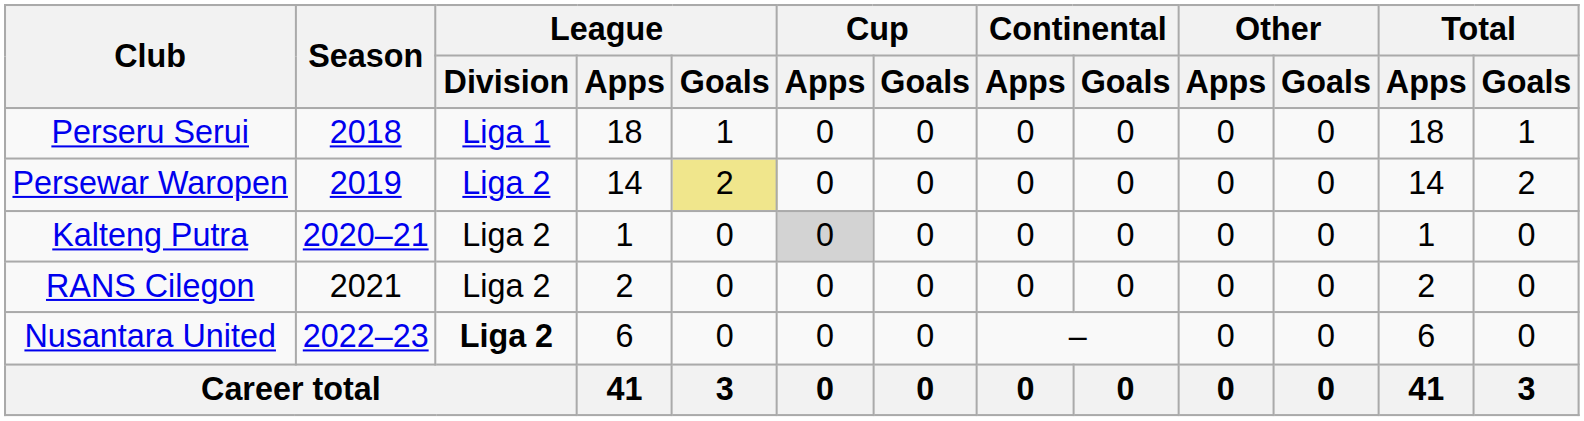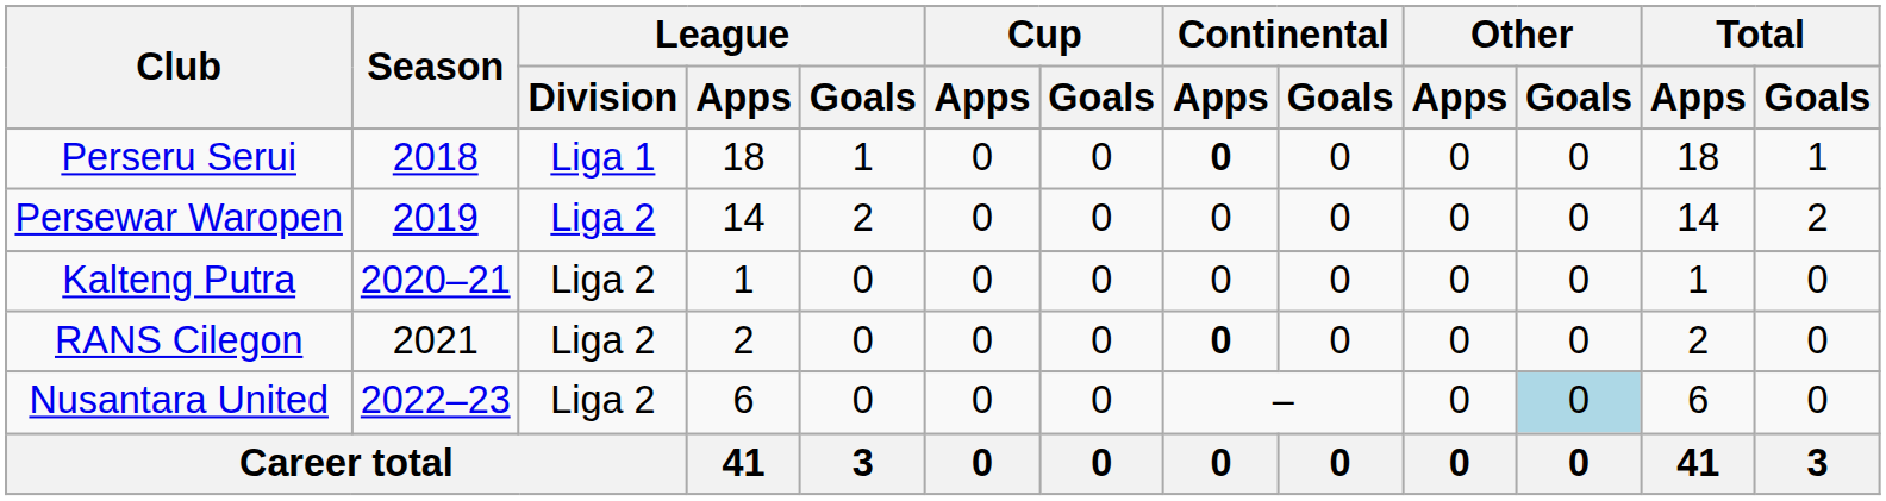 <table class="wikitable" style="text-align:center">
 <tr>
 <th rowspan="2">Club</th>
 <th rowspan="2">Season</th>
 <th colspan="3">League</th>
 <th colspan="2">Cup</th>
 <th colspan="2">Continental</th>
 <th colspan="2">Other</th>
 <th colspan="2">Total</th>
 </tr>
 <tr>
 <th>Division</th>
 <th>Apps</th>
 <th>Goals</th>
 <th>Apps</th>
 <th>Goals</th>
 <th>Apps</th>
 <th>Goals</th>
 <th>Apps</th>
 <th>Goals</th>
 <th>Apps</th>
 <th>Goals</th>
 </tr>
 <tr>
 <td rowspan="1" valign="center"><a href='#'>Perseru Serui</a></td>
 <td><a href='#'>2018</a></td>
 <td><a href='#'>Liga 1</a></td>
 <td>18</td>
 <td>1</td>
 <td>0</td>
 <td>0</td>
-<td>0</td>
+<td><strong>0</strong></td>
 <td>0</td>
 <td>0</td>
 <td>0</td>
 <td>18</td>
 <td>1</td>
 </tr>
 <tr>
 <td rowspan="1" valign="center"><a href='#'>Persewar Waropen</a></td>
 <td><a href='#'>2019</a></td>
 <td><a href='#'>Liga 2</a></td>
 <td>14</td>
-<td style="background: khaki;">2</td>
+<td>2</td>
 <td>0</td>
 <td>0</td>
 <td>0</td>
 <td>0</td>
 <td>0</td>
 <td>0</td>
 <td>14</td>
 <td>2</td>
 </tr>
 <tr>
 <td rowspan="1" valign="center"><a href='#'>Kalteng Putra</a></td>
 <td><a href='#'>2020–21</a></td>
 <td>Liga 2</td>
 <td>1</td>
 <td>0</td>
-<td style="background: lightgrey;">0</td>
+<td>0</td>
 <td>0</td>
 <td>0</td>
 <td>0</td>
 <td>0</td>
 <td>0</td>
 <td>1</td>
 <td>0</td>
 </tr>
 <tr>
 <td rowspan="1" valign="center"><a href='#'>RANS Cilegon</a></td>
 <td>2021</td>
 <td>Liga 2</td>
 <td>2</td>
 <td>0</td>
 <td>0</td>
 <td>0</td>
-<td>0</td>
+<td><strong>0</strong></td>
 <td>0</td>
 <td>0</td>
 <td>0</td>
 <td>2</td>
 <td>0</td>
 </tr>
 <tr>
 <td rowspan="1"><a href='#'>Nusantara United</a></td>
 <td><a href='#'>2022–23</a></td>
-<td rowspan="1"><strong>Liga 2</strong></td>
+<td rowspan="1">Liga 2</td>
 <td>6</td>
 <td>0</td>
 <td>0</td>
 <td>0</td>
 <td colspan="2">–</td>
 <td>0</td>
-<td>0</td>
+<td style="background: lightblue;">0</td>
 <td>6</td>
 <td>0</td>
 </tr>
 <tr>
 <th colspan="3">Career total</th>
 <th>41</th>
 <th>3</th>
 <th>0</th>
 <th>0</th>
 <th>0</th>
 <th>0</th>
 <th>0</th>
 <th>0</th>
 <th>41</th>
 <th>3</th>
 </tr>
 </table>
